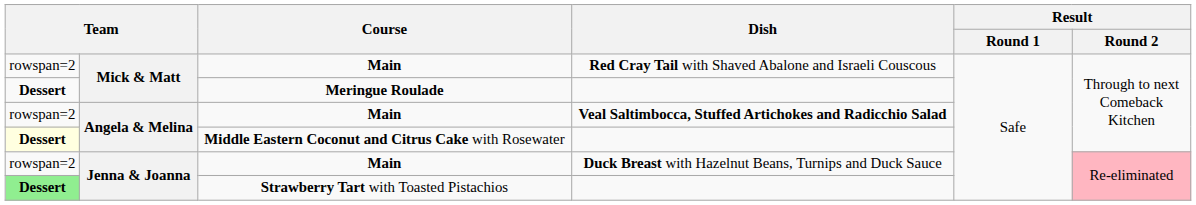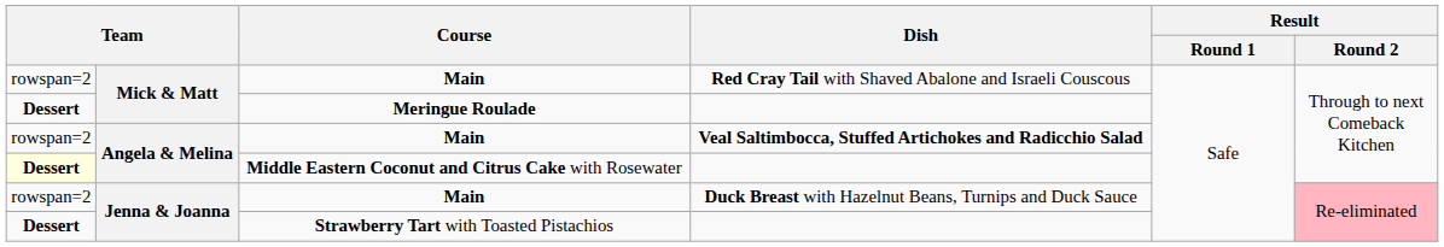 <table class="wikitable plainrowheaders" style="margin:1em auto; text-align:center; font-size:90%; width:80em;">
 <tr>
 <th rowspan="2" colspan="2">Team</th>
 <th rowspan=2>Course</th>
 <th rowspan="2">Dish</th>
 <th colspan="2" style="width:20%">Result</th>
 </tr>
 <tr>
 <th style="width:10%">Round 1</th>
 <th style="width:10%">Round 2</th>
 </tr>
 <tr>
 <td>rowspan=2 </td>
 <th rowspan=2>Mick & Matt</th>
 <td><strong>Main</strong></td>
 <td><strong>Red Cray Tail</strong> with Shaved Abalone and Israeli Couscous</td>
 <td rowspan="6">Safe</td>
 <td rowspan="4">Through to next Comeback Kitchen</td>
 </tr>
 <tr>
 <td><strong>Dessert</strong></td>
 <td><strong>Meringue Roulade</strong></td>
 </tr>
 <tr>
 <td>rowspan=2 </td>
 <th rowspan=2>Angela & Melina</th>
 <td><strong>Main</strong></td>
 <td><strong>Veal Saltimbocca, Stuffed Artichokes and Radicchio Salad</strong></td>
 </tr>
 <tr>
 <td style="background: lightyellow;"><strong>Dessert</strong></td>
 <td><strong>Middle Eastern Coconut and Citrus Cake</strong> with Rosewater</td>
 </tr>
 <tr>
 <td>rowspan=2 </td>
 <th rowspan=2>Jenna & Joanna</th>
 <td><strong>Main</strong></td>
 <td><strong>Duck Breast</strong> with Hazelnut Beans, Turnips and Duck Sauce</td>
 <td style="background:lightpink" rowspan=2>Re-eliminated</td>
 </tr>
 <tr>
-<td style="background: lightgreen;"><strong>Dessert</strong></td>
+<td><strong>Dessert</strong></td>
 <td><strong>Strawberry Tart</strong> with Toasted Pistachios</td>
 </tr>
 </table>
